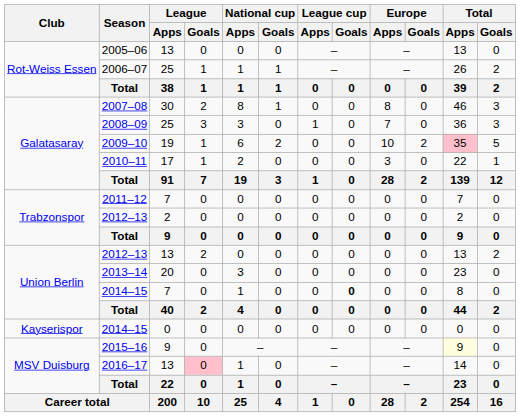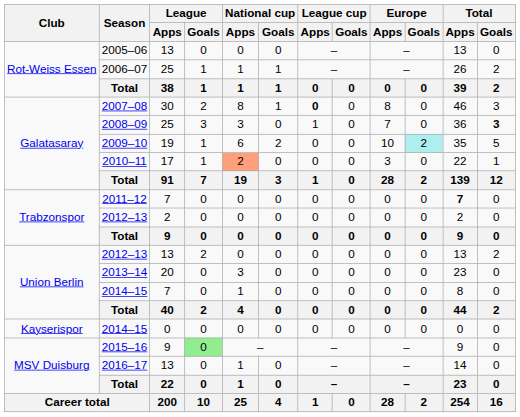 <table class="wikitable" style="text-align:center">
 <tr>
 <th rowspan="2">Club</th>
 <th rowspan="2">Season</th>
 <th colspan="2">League</th>
 <th colspan="2">National cup</th>
 <th colspan="2">League cup</th>
 <th colspan="2">Europe</th>
 <th colspan="2">Total</th>
 </tr>
 <tr>
 <th>Apps</th>
 <th>Goals</th>
 <th>Apps</th>
 <th>Goals</th>
 <th>Apps</th>
 <th>Goals</th>
 <th>Apps</th>
 <th>Goals</th>
 <th>Apps</th>
 <th>Goals</th>
 </tr>
 <tr>
 <td rowspan="3"><a href='#'>Rot-Weiss Essen</a></td>
 <td>2005–06</td>
 <td>13</td>
 <td>0</td>
 <td>0</td>
 <td>0</td>
 <td colspan="2">–</td>
 <td colspan="2">–</td>
 <td>13</td>
 <td>0</td>
 </tr>
 <tr>
 <td>2006–07</td>
 <td>25</td>
 <td>1</td>
 <td>1</td>
 <td>1</td>
 <td colspan="2">–</td>
 <td colspan="2">–</td>
 <td>26</td>
 <td>2</td>
 </tr>
 <tr>
 <th>Total</th>
 <th>38</th>
 <th>1</th>
 <th>1</th>
 <th>1</th>
 <th>0</th>
 <th>0</th>
 <th>0</th>
 <th>0</th>
 <th>39</th>
 <th>2</th>
 </tr>
 <tr>
 <td rowspan="5"><a href='#'>Galatasaray</a></td>
 <td><a href='#'>2007–08</a></td>
 <td>30</td>
 <td>2</td>
 <td>8</td>
 <td>1</td>
-<td>0</td>
+<td><strong>0</strong></td>
 <td>0</td>
 <td>8</td>
 <td>0</td>
 <td>46</td>
 <td>3</td>
 </tr>
 <tr>
 <td><a href='#'>2008–09</a></td>
 <td>25</td>
 <td>3</td>
 <td>3</td>
 <td>0</td>
 <td>1</td>
 <td>0</td>
 <td>7</td>
 <td>0</td>
 <td>36</td>
-<td>3</td>
+<td><strong>3</strong></td>
 </tr>
 <tr>
 <td><a href='#'>2009–10</a></td>
 <td>19</td>
 <td>1</td>
 <td>6</td>
 <td>2</td>
 <td>0</td>
 <td>0</td>
 <td>10</td>
-<td>2</td>
-<td style="background: pink;">35</td>
+<td style="background: paleturquoise;">2</td>
+<td>35</td>
 <td>5</td>
 </tr>
 <tr>
 <td><a href='#'>2010–11</a></td>
 <td>17</td>
 <td>1</td>
-<td>2</td>
+<td style="background: lightsalmon;">2</td>
 <td>0</td>
 <td>0</td>
 <td>0</td>
 <td>3</td>
 <td>0</td>
 <td>22</td>
 <td>1</td>
 </tr>
 <tr>
 <th>Total</th>
 <th>91</th>
 <th>7</th>
 <th>19</th>
 <th>3</th>
 <th>1</th>
 <th>0</th>
 <th>28</th>
 <th>2</th>
 <th>139</th>
 <th>12</th>
 </tr>
 <tr>
 <td rowspan="3"><a href='#'>Trabzonspor</a></td>
 <td><a href='#'>2011–12</a></td>
 <td>7</td>
 <td>0</td>
 <td>0</td>
 <td>0</td>
 <td>0</td>
 <td>0</td>
 <td>0</td>
 <td>0</td>
-<td>7</td>
+<td><strong>7</strong></td>
 <td>0</td>
 </tr>
 <tr>
 <td><a href='#'>2012–13</a></td>
 <td>2</td>
 <td>0</td>
 <td>0</td>
 <td>0</td>
 <td>0</td>
 <td>0</td>
 <td>0</td>
 <td>0</td>
 <td>2</td>
 <td>0</td>
 </tr>
 <tr>
 <th>Total</th>
 <th>9</th>
 <th>0</th>
 <th>0</th>
 <th>0</th>
 <th>0</th>
 <th>0</th>
 <th>0</th>
 <th>0</th>
 <th>9</th>
 <th>0</th>
 </tr>
 <tr>
 <td rowspan="4"><a href='#'>Union Berlin</a></td>
 <td><a href='#'>2012–13</a></td>
 <td>13</td>
 <td>2</td>
 <td>0</td>
 <td>0</td>
 <td>0</td>
 <td>0</td>
 <td>0</td>
 <td>0</td>
 <td>13</td>
 <td>2</td>
 </tr>
 <tr>
 <td><a href='#'>2013–14</a></td>
 <td>20</td>
 <td>0</td>
 <td>3</td>
 <td>0</td>
 <td>0</td>
 <td>0</td>
 <td>0</td>
 <td>0</td>
 <td>23</td>
 <td>0</td>
 </tr>
 <tr>
 <td><a href='#'>2014–15</a></td>
 <td>7</td>
 <td>0</td>
 <td>1</td>
 <td>0</td>
 <td>0</td>
-<td><strong>0</strong></td>
+<td>0</td>
 <td>0</td>
 <td>0</td>
 <td>8</td>
 <td>0</td>
 </tr>
 <tr>
 <th>Total</th>
 <th>40</th>
 <th>2</th>
 <th>4</th>
 <th>0</th>
 <th>0</th>
 <th>0</th>
 <th>0</th>
 <th>0</th>
 <th>44</th>
 <th>2</th>
 </tr>
 <tr>
 <td><a href='#'>Kayserispor</a></td>
 <td><a href='#'>2014–15</a></td>
 <td>0</td>
 <td>0</td>
 <td>0</td>
 <td>0</td>
 <td>0</td>
 <td>0</td>
 <td>0</td>
 <td>0</td>
 <td>0</td>
 <td>0</td>
 </tr>
 <tr>
 <td rowspan="3"><a href='#'>MSV Duisburg</a></td>
 <td><a href='#'>2015–16</a></td>
 <td>9</td>
-<td>0</td>
+<td style="background: lightgreen;">0</td>
 <td colspan="2">–</td>
 <td colspan="2">–</td>
 <td colspan="2">–</td>
-<td style="background: lightyellow;">9</td>
+<td>9</td>
 <td>0</td>
 </tr>
 <tr>
 <td><a href='#'>2016–17</a></td>
 <td>13</td>
-<td style="background: pink;">0</td>
+<td>0</td>
 <td>1</td>
 <td>0</td>
 <td colspan="2">–</td>
 <td colspan="2">–</td>
 <td>14</td>
 <td>0</td>
 </tr>
 <tr>
 <th>Total</th>
 <th>22</th>
 <th>0</th>
 <th>1</th>
 <th>0</th>
 <th colspan="2">–</th>
 <th colspan="2">–</th>
 <th>23</th>
 <th>0</th>
 </tr>
 <tr>
 <th colspan="2">Career total</th>
 <th>200</th>
 <th>10</th>
 <th>25</th>
 <th>4</th>
 <th>1</th>
 <th>0</th>
 <th>28</th>
 <th>2</th>
 <th>254</th>
 <th>16</th>
 </tr>
 </table>
